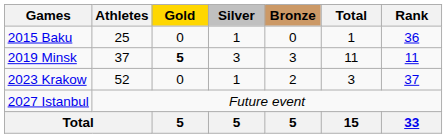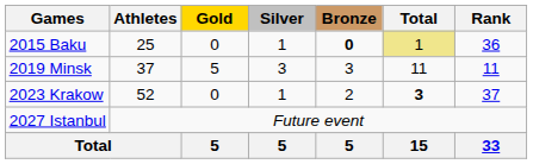 <table class="wikitable" style="text-align:center; font-size:90%;">
 <tr>
 <th>Games</th>
 <th>Athletes</th>
 <td style="background:gold; width:3.7em; font-weight:bold;">Gold</td>
 <td style="background:silver; width:3.7em; font-weight:bold;">Silver</td>
 <td style="background:#cc9966; width:3.7em; font-weight:bold;">Bronze</td>
 <th style="width:4em; font-weight:bold;">Total</th>
 <th style="width:4em; font-weight:bold;">Rank</th>
 </tr>
 <tr>
 <td align=left> <a href='#'>2015 Baku</a></td>
 <td>25</td>
 <td>0</td>
 <td>1</td>
-<td>0</td>
-<td>1</td>
+<td><strong>0</strong></td>
+<td style="background: khaki;">1</td>
 <td><a href='#'>36</a></td>
 </tr>
 <tr>
 <td align=left> <a href='#'>2019 Minsk</a></td>
 <td>37</td>
-<td><strong>5</strong></td>
+<td>5</td>
 <td>3</td>
 <td>3</td>
 <td>11</td>
 <td><a href='#'>11</a></td>
 </tr>
 <tr>
 <td align=left> <a href='#'>2023 Krakow</a></td>
 <td>52</td>
 <td>0</td>
 <td>1</td>
 <td>2</td>
-<td>3</td>
+<td><strong>3</strong></td>
 <td><a href='#'>37</a></td>
 </tr>
 <tr>
 <td align=left> <a href='#'>2027 Istanbul</a></td>
 <td colspan=6><em>Future event</em></td>
 </tr>
 <tr>
 <th colspan=2>Total</th>
 <th>5</th>
 <th>5</th>
 <th>5</th>
 <th>15</th>
 <th><a href='#'>33</a></th>
 </tr>
 </table>
